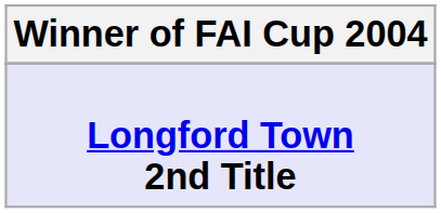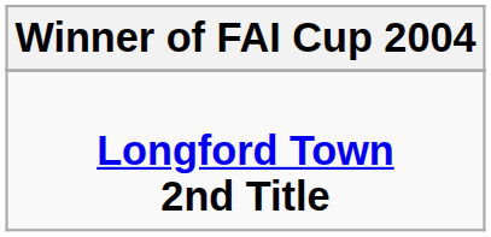 <table class="wikitable" style="text-align: center; margin: 0 auto;">
 <tr>
 <th>Winner of FAI Cup 2004</th>
 </tr>
 <tr>
 </tr>
 <tr>
-<td style="background: lavender;"><br><strong><a href='#'>Longford Town</a></strong><br><strong>2nd Title</strong></td>
+<td><br><strong><a href='#'>Longford Town</a></strong><br><strong>2nd Title</strong></td>
 </tr>
 </table>
